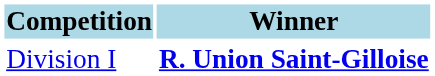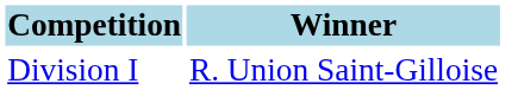 <table>
 <tr style="background:lightblue;">
 <th>Competition</th>
 <th>Winner</th>
 </tr>
 <tr>
 <td><a href='#'>Division I</a></td>
-<td><strong><a href='#'>R. Union Saint-Gilloise</a></strong></td>
+<td><a href='#'>R. Union Saint-Gilloise</a></td>
 </tr>
 </table>
